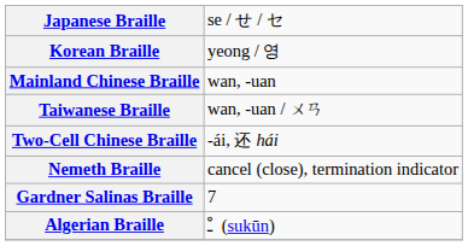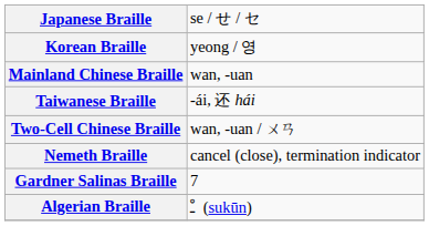 <table class="wikitable">
 <tr>
 <th align=left><a href='#'>Japanese Braille</a></th>
 <td>se / せ / セ </td>
 </tr>
 <tr>
 <th align=left><a href='#'>Korean Braille</a></th>
 <td>yeong / 영 </td>
 </tr>
 <tr>
 <th align=left><a href='#'>Mainland Chinese Braille</a></th>
 <td>wan, -uan </td>
 </tr>
 <tr>
 <th align=left><a href='#'>Taiwanese Braille</a></th>
-<td>wan, -uan / ㄨㄢ</td>
+<td>-ái, 还 <em>hái</em></td>
 </tr>
 <tr>
 <th align=left><a href='#'>Two-Cell Chinese Braille</a></th>
-<td>-ái, 还 <em>hái</em></td>
+<td>wan, -uan / ㄨㄢ</td>
 </tr>
 <tr>
 <th align=left><a href='#'>Nemeth Braille</a></th>
 <td>cancel (close), termination indicator </td>
 </tr>
 <tr>
 <th align=left><a href='#'>Gardner Salinas Braille</a></th>
 <td>7 </td>
 </tr>
 <tr>
 <th align=left><a href='#'>Algerian Braille</a></th>
 <td>ـْ ‎ (<a href='#'>sukūn</a>)</td>
 </tr>
 <tr>
 </tr>
 </table>
